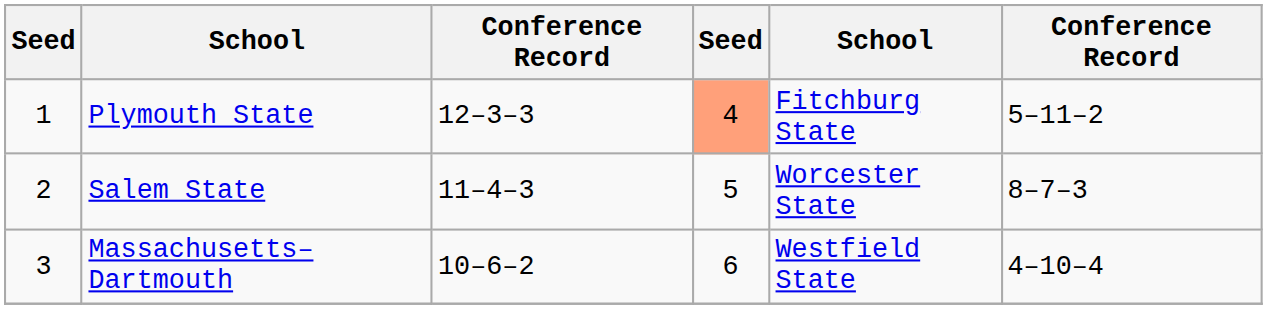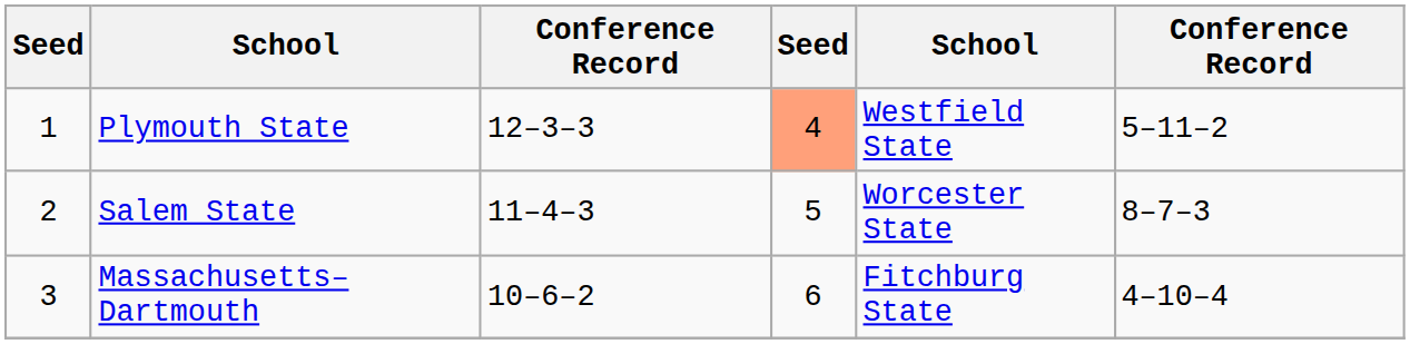 <table class="wikitable">
 <tr>
 <th>Seed</th>
 <th>School</th>
 <th>Conference Record</th>
 <th>Seed</th>
 <th>School</th>
 <th>Conference Record</th>
 </tr>
 <tr>
 <td align=center>1</td>
 <td><a href='#'>Plymouth State</a></td>
 <td>12–3–3</td>
 <td align=center style="background: lightsalmon;">4</td>
-<td><a href='#'>Fitchburg State</a></td>
+<td><a href='#'>Westfield State</a></td>
 <td>5–11–2</td>
 </tr>
 <tr>
 <td align=center>2</td>
 <td><a href='#'>Salem State</a></td>
 <td>11–4–3</td>
 <td align=center>5</td>
 <td><a href='#'>Worcester State</a></td>
 <td>8–7–3</td>
 </tr>
 <tr>
 <td align=center>3</td>
 <td><a href='#'>Massachusetts–Dartmouth</a></td>
 <td>10–6–2</td>
 <td align=center>6</td>
-<td><a href='#'>Westfield State</a></td>
+<td><a href='#'>Fitchburg State</a></td>
 <td>4–10–4</td>
 </tr>
 <tr>
 </tr>
 </table>
